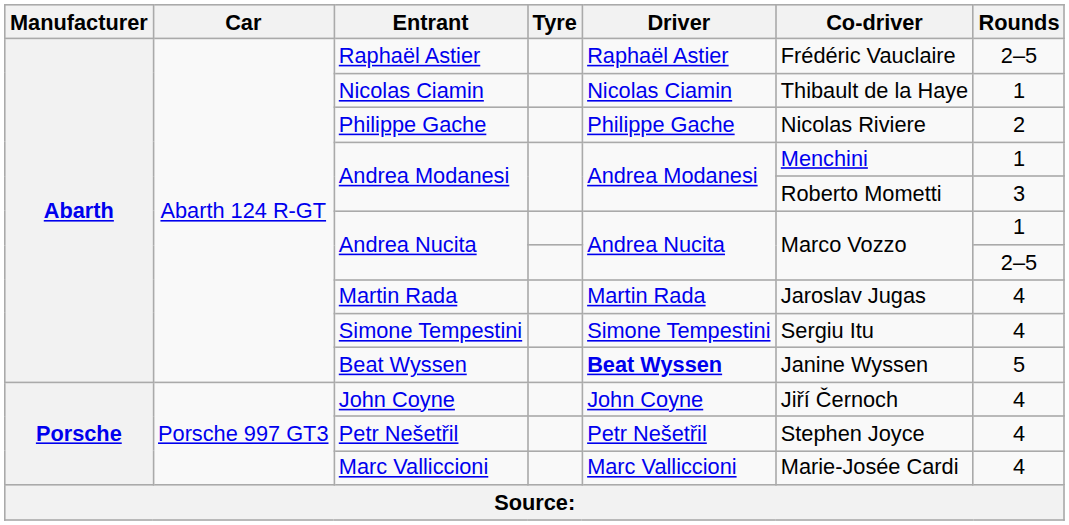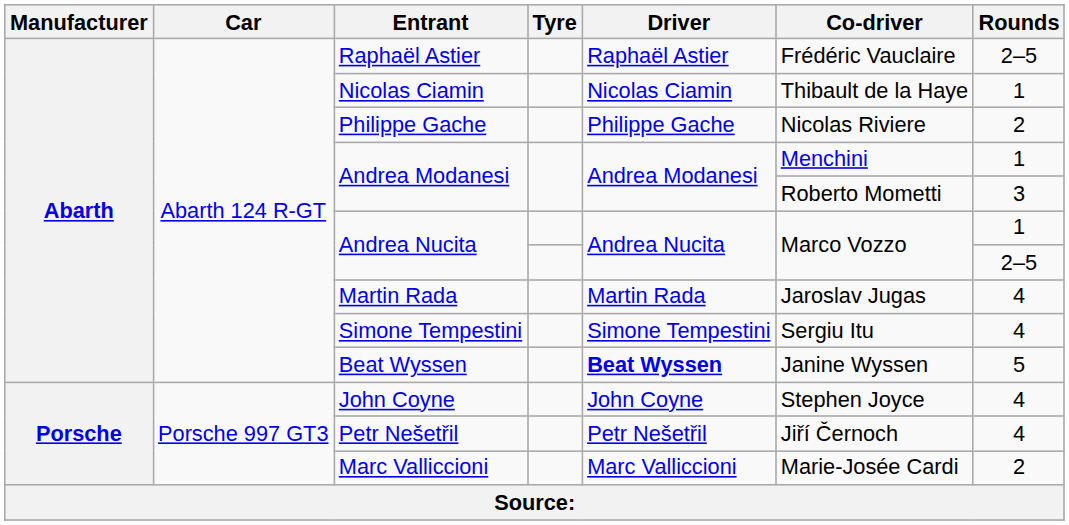 <table class="wikitable" style="font-size:85%">
 <tr>
 <th>Manufacturer</th>
 <th>Car</th>
 <th>Entrant</th>
 <th>Tyre</th>
 <th>Driver</th>
 <th>Co-driver</th>
 <th>Rounds</th>
 </tr>
 <tr>
 <th rowspan="10"><a href='#'>Abarth</a></th>
 <td rowspan="10" align="center"><a href='#'>Abarth 124 R-GT</a></td>
 <td> <a href='#'>Raphaël Astier</a></td>
 <td align="center"></td>
 <td> <a href='#'>Raphaël Astier</a></td>
 <td> Frédéric Vauclaire</td>
 <td align="center">2–5</td>
 </tr>
 <tr>
 <td> <a href='#'>Nicolas Ciamin</a></td>
 <td align="center"></td>
 <td> <a href='#'>Nicolas Ciamin</a></td>
 <td> Thibault de la Haye</td>
 <td align="center">1</td>
 </tr>
 <tr>
 <td> <a href='#'>Philippe Gache</a></td>
 <td align="center"></td>
 <td> <a href='#'>Philippe Gache</a></td>
 <td> Nicolas Riviere</td>
 <td align="center">2</td>
 </tr>
 <tr>
 <td rowspan="2"> <a href='#'>Andrea Modanesi</a></td>
 <td rowspan="2" align="center"></td>
 <td rowspan="2"> <a href='#'>Andrea Modanesi</a></td>
 <td> <a href='#'>Menchini</a></td>
 <td align="center">1</td>
 </tr>
 <tr>
 <td> Roberto Mometti</td>
 <td align="center">3</td>
 </tr>
 <tr>
 <td rowspan="2"> <a href='#'>Andrea Nucita</a></td>
 <td align="center"></td>
 <td rowspan="2"> <a href='#'>Andrea Nucita</a></td>
 <td rowspan="2"> Marco Vozzo</td>
 <td align="center">1</td>
 </tr>
 <tr>
 <td align="center"></td>
 <td align="center">2–5</td>
 </tr>
 <tr>
 <td> <a href='#'>Martin Rada</a></td>
 <td align="center"></td>
 <td> <a href='#'>Martin Rada</a></td>
 <td> Jaroslav Jugas</td>
 <td align="center">4</td>
 </tr>
 <tr>
 <td> <a href='#'>Simone Tempestini</a></td>
 <td align="center"></td>
 <td> <a href='#'>Simone Tempestini</a></td>
 <td> Sergiu Itu</td>
 <td align="center">4</td>
 </tr>
 <tr>
 <td> <a href='#'>Beat Wyssen</a></td>
 <td align="center"></td>
 <td><strong> <a href='#'>Beat Wyssen</a></strong></td>
 <td> Janine Wyssen</td>
 <td align="center">5</td>
 </tr>
 <tr>
 <th rowspan="3"><a href='#'>Porsche</a></th>
 <td rowspan="3" align="center"><a href='#'>Porsche 997 GT3</a></td>
 <td> <a href='#'>John Coyne</a></td>
 <td align="center"></td>
 <td> <a href='#'>John Coyne</a></td>
-<td> Jiří Černoch</td>
+<td> Stephen Joyce</td>
 <td align="center">4</td>
 </tr>
 <tr>
 <td> <a href='#'>Petr Nešetřil</a></td>
 <td align="center"></td>
 <td> <a href='#'>Petr Nešetřil</a></td>
-<td> Stephen Joyce</td>
+<td> Jiří Černoch</td>
 <td align="center">4</td>
 </tr>
 <tr>
 <td> <a href='#'>Marc Valliccioni</a></td>
 <td align="center"></td>
 <td> <a href='#'>Marc Valliccioni</a></td>
 <td> Marie-Josée Cardi</td>
-<td align="center">4</td>
+<td align="center">2</td>
 </tr>
 <tr>
 <th colspan="7"><strong>Source:</strong></th>
 </tr>
 </table>
